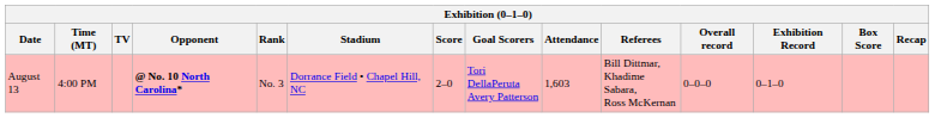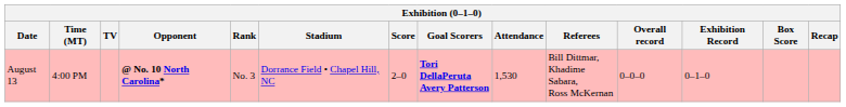 <table class="wikitable collapsible collapsed" style="margin:auto; font-size:95%; width:100%">
 <tr>
 <th colspan=14 style="padding-left:4em;">Exhibition (0–1–0)</th>
 </tr>
 <tr>
 <th>Date</th>
 <th>Time (MT)</th>
 <th>TV</th>
 <th>Opponent</th>
 <th>Rank</th>
 <th>Stadium</th>
 <th>Score</th>
 <th>Goal Scorers</th>
 <th>Attendance</th>
 <th>Referees</th>
 <th>Overall record</th>
 <th>Exhibition Record</th>
 <th>Box Score</th>
 <th>Recap</th>
 </tr>
 <tr bgcolor=ffbbbb>
 <td>August 13</td>
 <td>4:00 PM</td>
 <td></td>
 <td><strong>@ No. 10 <a href='#'>North Carolina</a>*</strong></td>
 <td>No. 3</td>
 <td><a href='#'>Dorrance Field</a> • <a href='#'>Chapel Hill, NC</a></td>
 <td>2–0</td>
-<td> <a href='#'>Tori DellaPeruta</a> <br>  <a href='#'>Avery Patterson</a></td>
-<td>1,603</td>
+<td><strong> <a href='#'>Tori DellaPeruta</a> <br>  <a href='#'>Avery Patterson</a></strong></td>
+<td>1,530</td>
 <td>Bill Dittmar,<br> Khadime Sabara,<br> Ross McKernan</td>
 <td>0–0–0</td>
 <td>0–1–0</td>
 <td></td>
 <td></td>
 </tr>
 </table>
